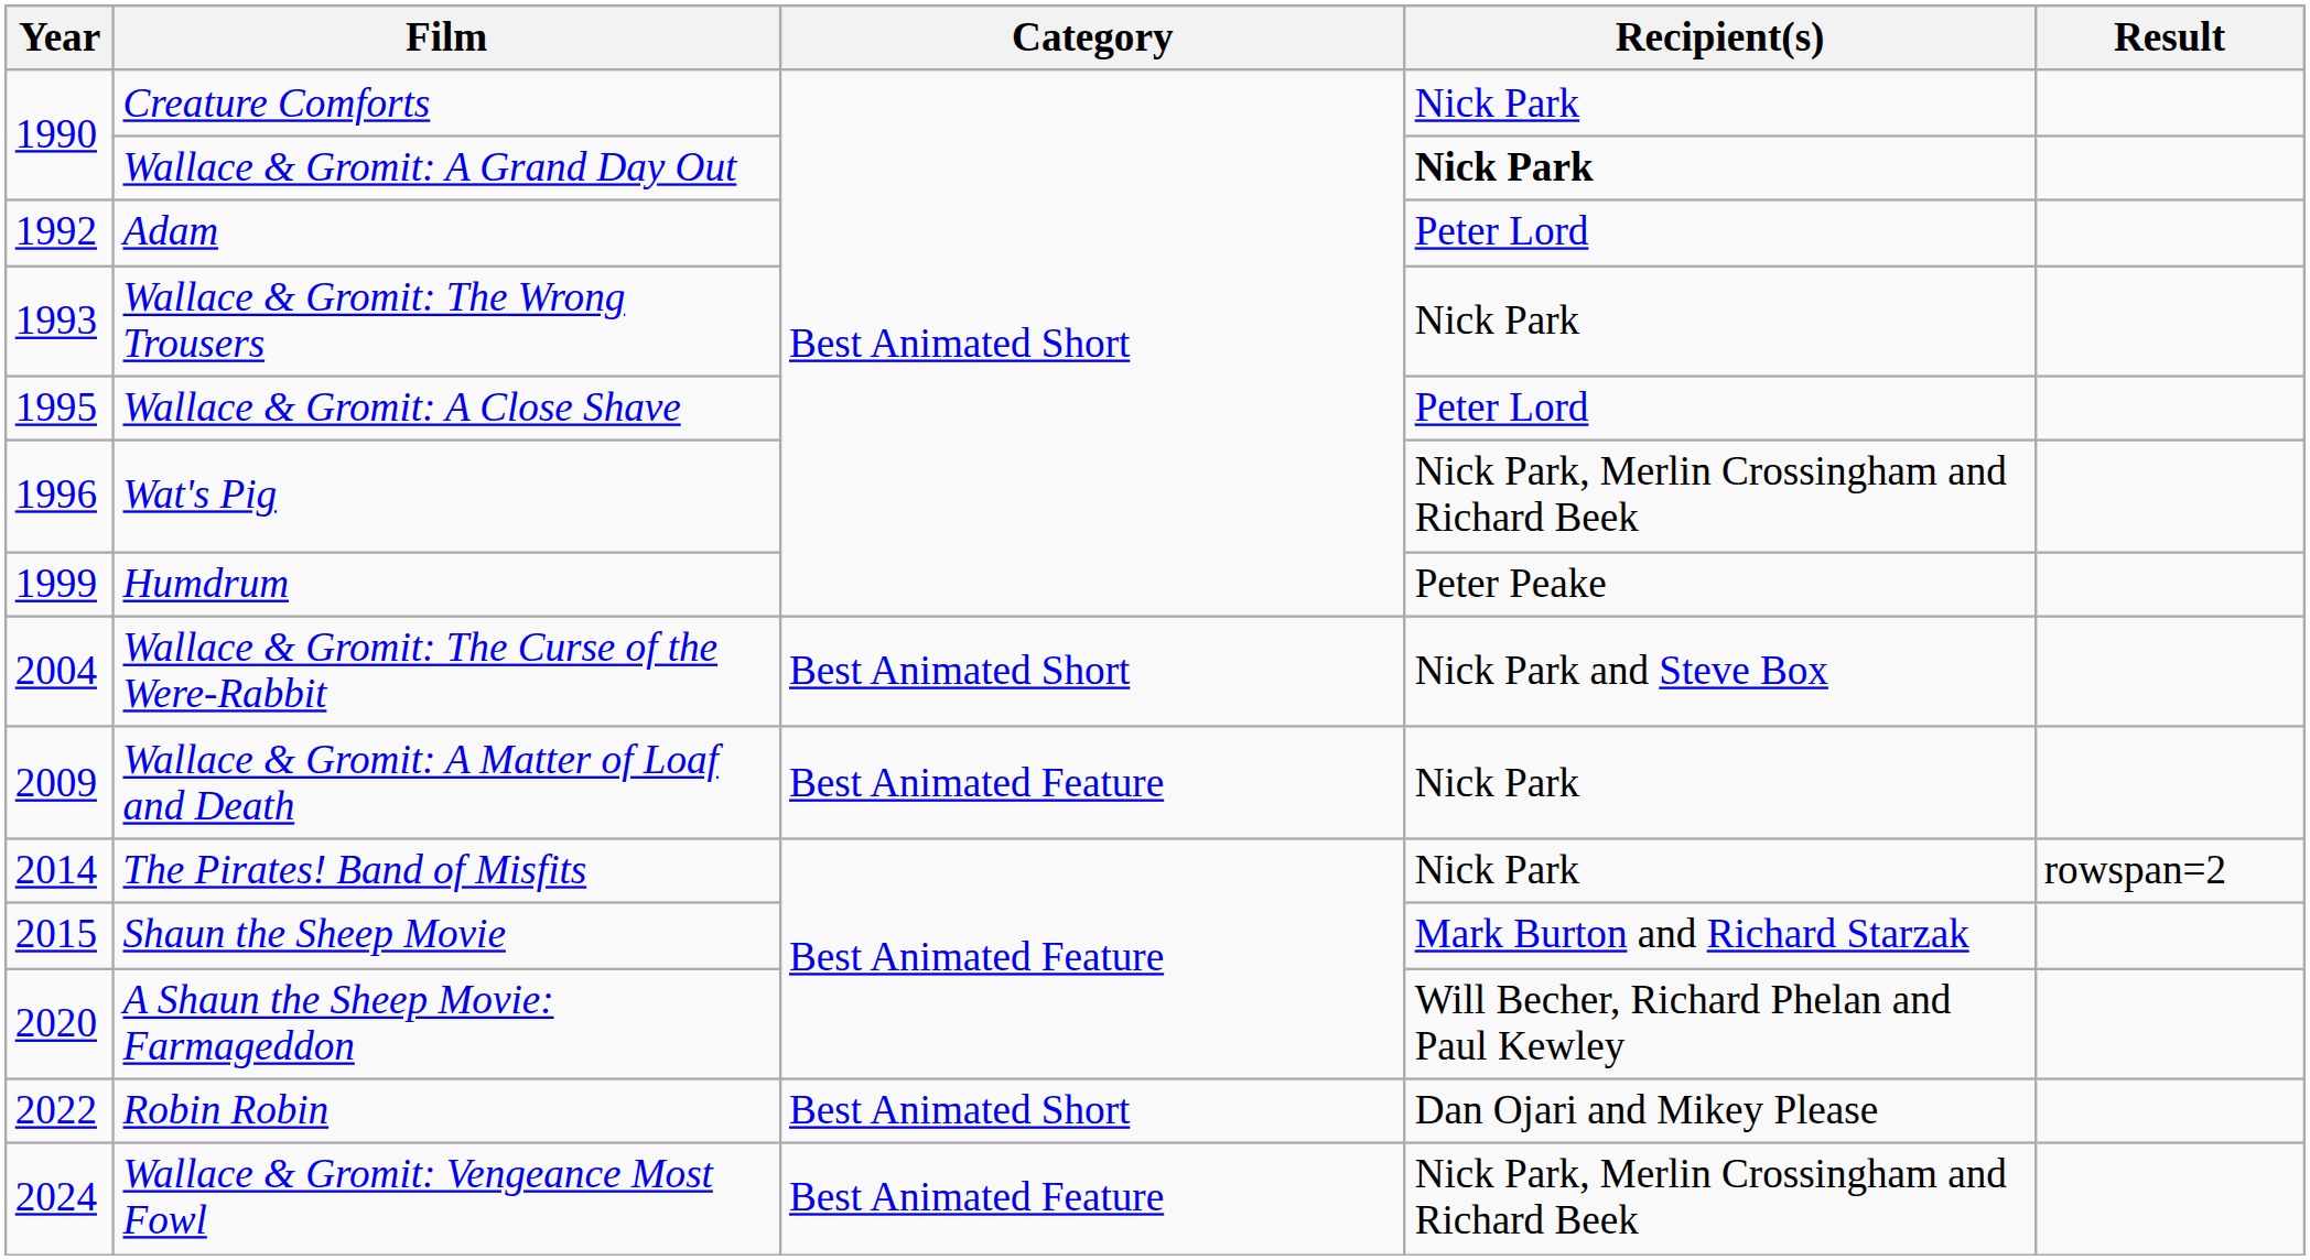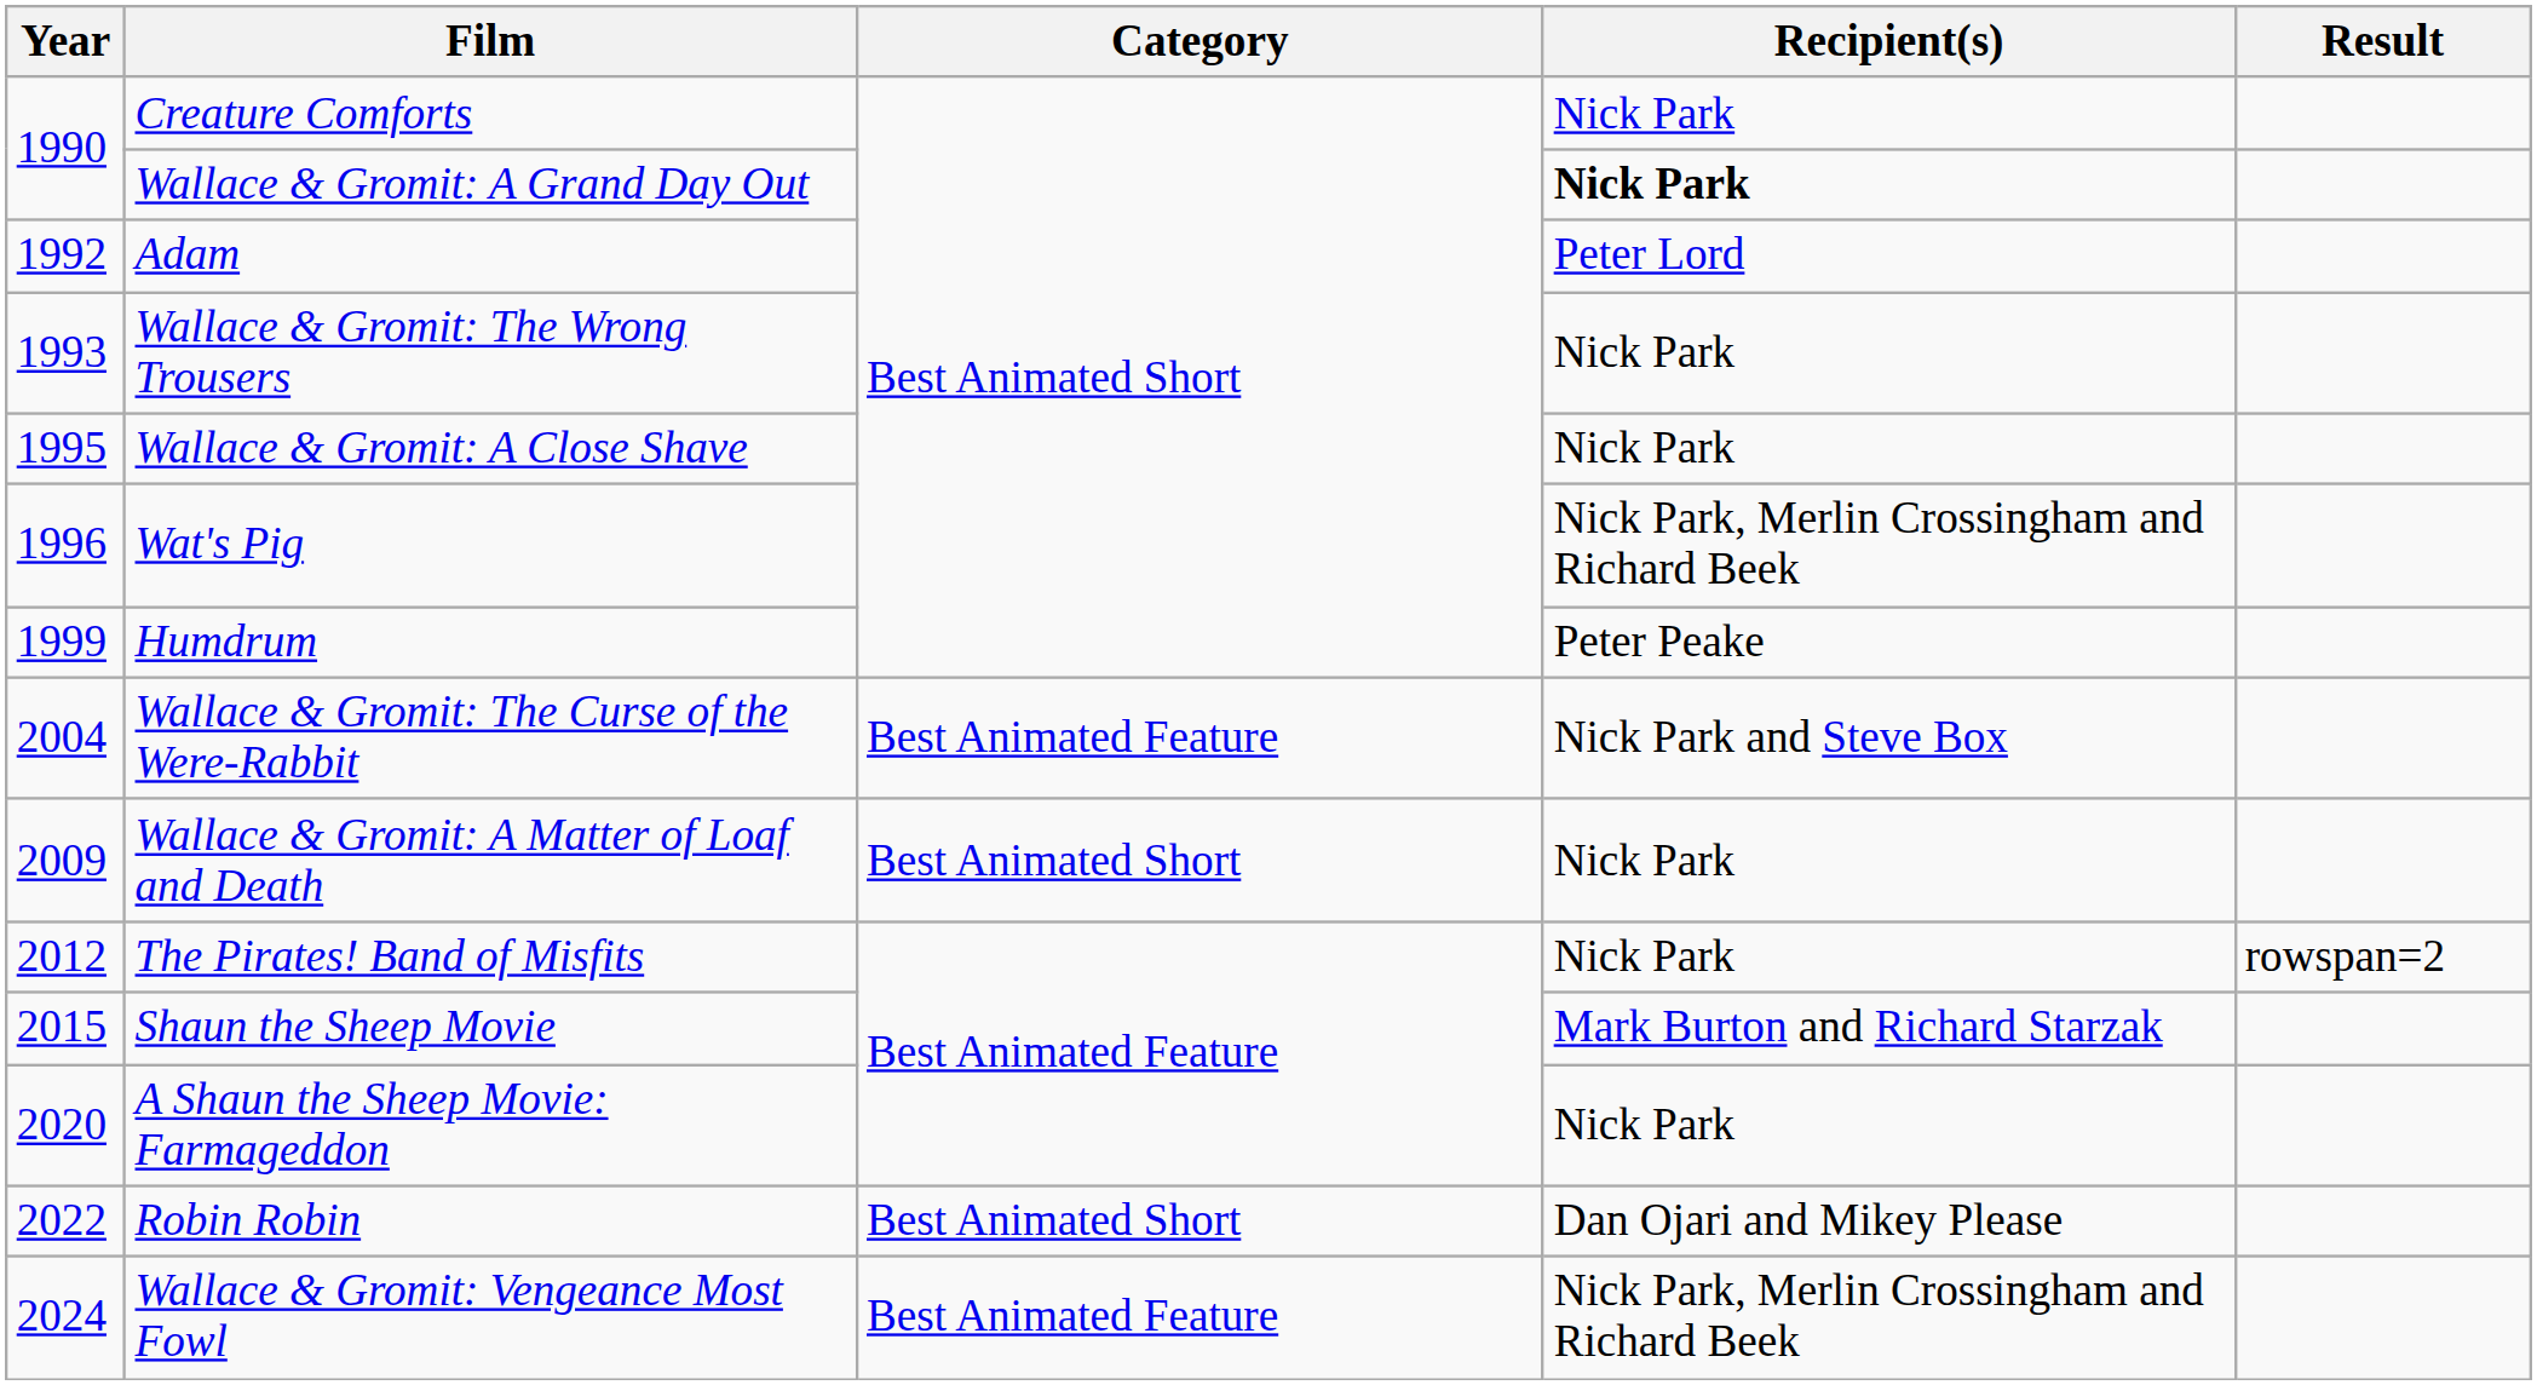 <table class="wikitable" style="max-width:900px;">
 <tr>
 <th width=35px>Year</th>
 <th width=265px>Film</th>
 <th width=250px>Category</th>
 <th width=250px>Recipient(s)</th>
 <th width=100px>Result</th>
 </tr>
 <tr>
 <td rowspan="2"><a href='#'>1990</a></td>
 <td><em><a href='#'>Creature Comforts</a></em></td>
 <td rowspan="7"><a href='#'>Best Animated Short</a></td>
 <td><a href='#'>Nick Park</a></td>
 <td></td>
 </tr>
 <tr>
 <td><a href='#'><em>Wallace & Gromit: A Grand Day Out</em></a></td>
 <td><strong>Nick Park</strong></td>
 <td></td>
 </tr>
 <tr>
 <td><a href='#'>1992</a></td>
 <td><a href='#'><em>Adam</em></a></td>
 <td><a href='#'>Peter Lord</a></td>
 <td></td>
 </tr>
 <tr>
 <td><a href='#'>1993</a></td>
 <td><a href='#'><em>Wallace & Gromit: The Wrong Trousers</em></a></td>
 <td>Nick Park</td>
 <td></td>
 </tr>
 <tr>
 <td><a href='#'>1995</a></td>
 <td><a href='#'><em>Wallace & Gromit: A Close Shave</em></a></td>
-<td><a href='#'>Peter Lord</a></td>
+<td>Nick Park</td>
 <td></td>
 </tr>
 <tr>
 <td><a href='#'>1996</a></td>
 <td><em><a href='#'>Wat's Pig</a></em></td>
 <td>Nick Park, Merlin Crossingham and Richard Beek</td>
 <td></td>
 </tr>
 <tr>
 <td><a href='#'>1999</a></td>
 <td><em><a href='#'>Humdrum</a></em></td>
 <td>Peter Peake</td>
 <td></td>
 </tr>
 <tr>
 <td><a href='#'>2004</a></td>
 <td><em><a href='#'>Wallace & Gromit: The Curse of the Were-Rabbit</a></em></td>
-<td><a href='#'>Best Animated Short</a></td>
+<td><a href='#'>Best Animated Feature</a></td>
 <td>Nick Park and <a href='#'>Steve Box</a></td>
 <td></td>
 </tr>
 <tr>
 <td><a href='#'>2009</a></td>
 <td><a href='#'><em>Wallace & Gromit: A Matter of Loaf and Death</em></a></td>
-<td><a href='#'>Best Animated Feature</a></td>
+<td><a href='#'>Best Animated Short</a></td>
 <td>Nick Park</td>
 <td></td>
 </tr>
 <tr>
-<td><a href='#'>2014</a></td>
+<td><a href='#'>2012</a></td>
 <td><em><a href='#'>The Pirates! Band of Misfits</a></em></td>
 <td rowspan="3"><a href='#'>Best Animated Feature</a></td>
 <td>Nick Park</td>
 <td>rowspan=2 </td>
 </tr>
 <tr>
 <td><a href='#'>2015</a></td>
 <td><em><a href='#'>Shaun the Sheep Movie</a></em></td>
 <td><a href='#'>Mark Burton</a> and <a href='#'>Richard Starzak</a></td>
 </tr>
 <tr>
 <td><a href='#'>2020</a></td>
 <td><em><a href='#'>A Shaun the Sheep Movie: Farmageddon</a></em></td>
-<td>Will Becher, Richard Phelan and Paul Kewley</td>
+<td>Nick Park</td>
 <td></td>
 </tr>
 <tr>
 <td><a href='#'>2022</a></td>
 <td><em><a href='#'>Robin Robin</a></em></td>
 <td><a href='#'>Best Animated Short</a></td>
 <td>Dan Ojari and Mikey Please</td>
 <td></td>
 </tr>
 <tr>
 <td><a href='#'>2024</a></td>
 <td><em><a href='#'>Wallace & Gromit: Vengeance Most Fowl</a></em></td>
 <td><a href='#'>Best Animated Feature</a></td>
 <td>Nick Park, Merlin Crossingham and Richard Beek</td>
 <td></td>
 </tr>
 </table>
